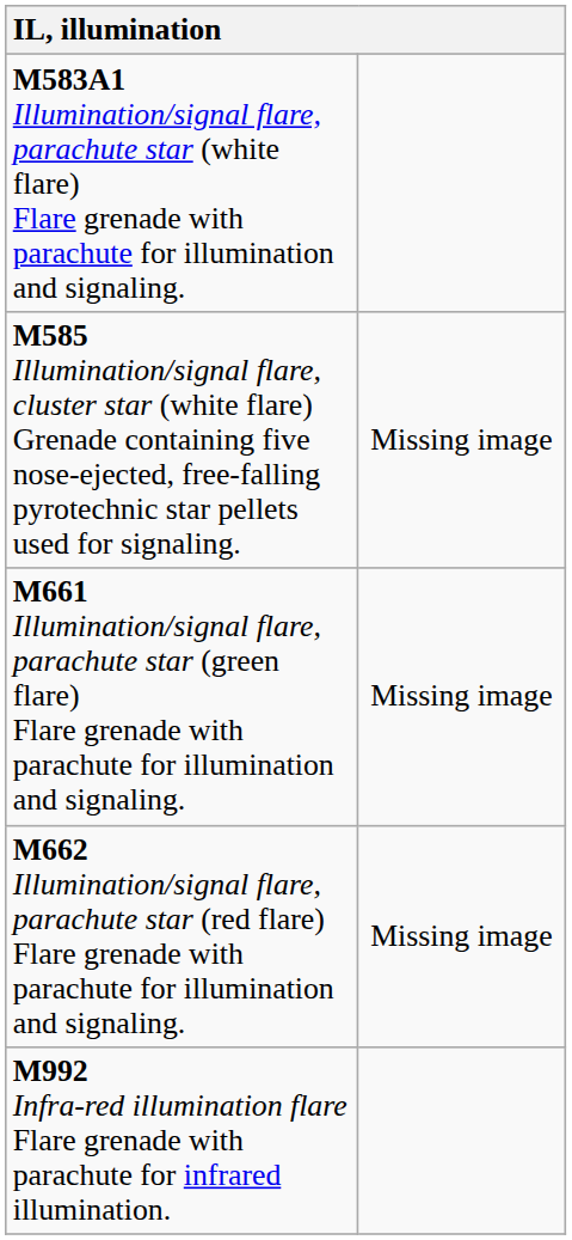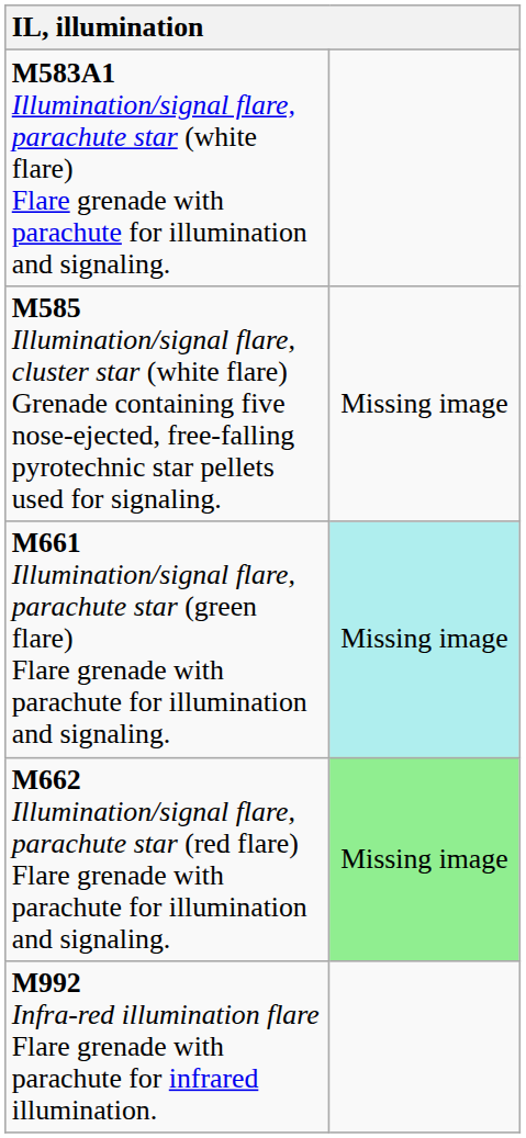 <table class="wikitable mw-collapsible mw-collapsed" style="width: 33%;">
 <tr>
 <th colspan="2" style="text-align: left;">IL, illumination</th>
 </tr>
 <tr>
 <td><strong>M583A1</strong><br><em><a href='#'>Illumination/signal flare, parachute star</a></em> (white flare)<br><a href='#'>Flare</a> grenade with <a href='#'>parachute</a> for illumination and signaling.</td>
 <td></td>
 </tr>
 <tr>
 <td><strong>M585</strong><br><em>Illumination/signal flare, cluster star</em> (white flare)<br>Grenade containing five nose-ejected, free-falling pyrotechnic star pellets used for signaling.</td>
 <td style="text-align: center; vertical-align: center;">Missing image</td>
 </tr>
 <tr>
 <td><strong>M661</strong><br><em>Illumination/signal flare, parachute star</em> (green flare)<br>Flare grenade with parachute for illumination and signaling.</td>
-<td style="text-align: center; vertical-align: center;">Missing image</td>
+<td style="background: paleturquoise; text-align: center; vertical-align: center;">Missing image</td>
 </tr>
 <tr>
 <td><strong>M662</strong><br><em>Illumination/signal flare, parachute star</em> (red flare)<br>Flare grenade with parachute for illumination and signaling.</td>
-<td style="text-align: center; vertical-align: center;">Missing image</td>
+<td style="background: lightgreen; text-align: center; vertical-align: center;">Missing image</td>
 </tr>
 <tr>
 <td><strong>M992</strong><br><em>Infra-red illumination flare</em><br>Flare grenade with parachute for <a href='#'>infrared</a> illumination.</td>
 <td style="width: 100px;"></td>
 </tr>
 </table>
